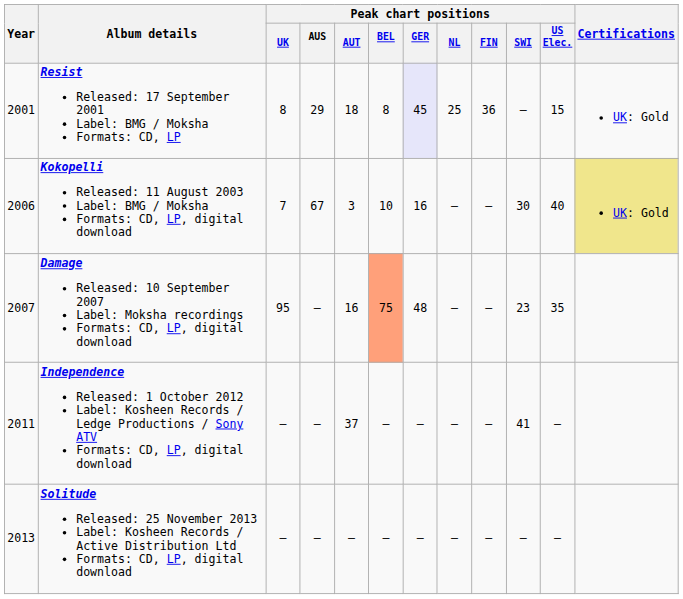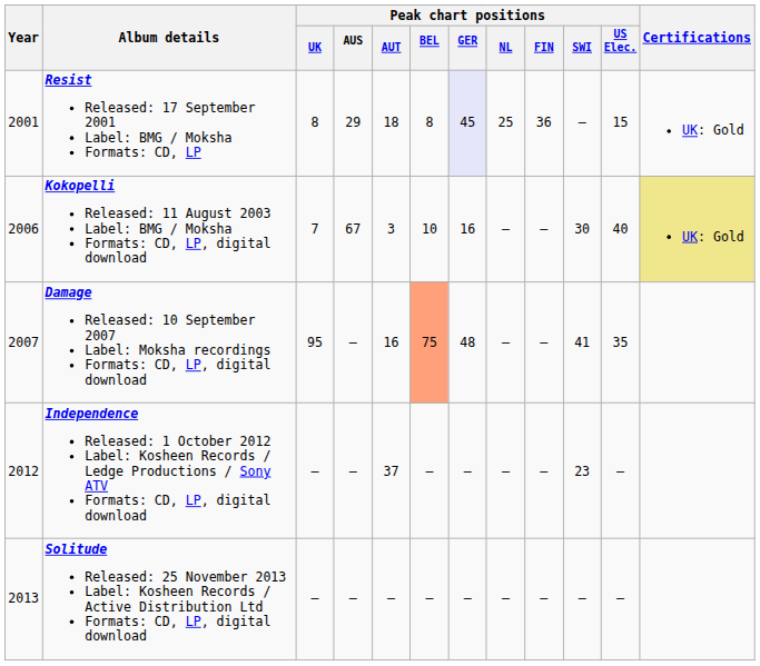 <table class="wikitable" style="text-align:center;">
 <tr>
 <th rowspan="2">Year</th>
 <th rowspan="2" style="width:250px;">Album details</th>
 <th colspan="9">Peak chart positions</th>
 <th rowspan="2"><a href='#'>Certifications</a></th>
 </tr>
 <tr>
 <th style="width:3em;font-size:85%;"><a href='#'>UK</a><br></th>
 <th style="width:3em;font-size:85%;">AUS<br><br></th>
 <th style="width:3em;font-size:85%"><a href='#'>AUT</a><br></th>
 <th style="width:3em;font-size:85%;"><a href='#'>BEL</a><br><br></th>
 <th style="width:3em;font-size:85%;"><a href='#'>GER</a><br><br></th>
 <th style="width:3em;font-size:85%"><a href='#'>NL</a><br></th>
 <th style="width:3em;font-size:85%"><a href='#'>FIN</a><br></th>
 <th style="width:3em;font-size:85%"><a href='#'>SWI</a><br></th>
 <th style="width:3em;font-size:85%;"><a href='#'>US Elec.</a><br><br></th>
 </tr>
 <tr>
 <td style="text-align:center;">2001</td>
 <td align="left"><strong><em><a href='#'>Resist</a></em></strong><br><ul><li>Released: 17 September 2001</li><li>Label: BMG / Moksha</li><li>Formats: CD, <a href='#'>LP</a></li></ul></td>
 <td style="text-align:center;">8</td>
 <td style="text-align:center;">29</td>
 <td style="text-align:center;">18</td>
 <td style="text-align:center;">8</td>
 <td style="background: lavender; text-align:center;">45</td>
 <td style="text-align:center;">25</td>
 <td style="text-align:center;">36</td>
 <td style="text-align:center;">—</td>
 <td style="text-align:center;">15</td>
 <td align="left"><br><ul><li><a href='#'>UK</a>: Gold</li></ul></td>
 </tr>
 <tr>
 <td style="text-align:center;">2006</td>
 <td align="left"><strong><em><a href='#'>Kokopelli</a></em></strong><br><ul><li>Released: 11 August 2003</li><li>Label: BMG / Moksha</li><li>Formats: CD, <a href='#'>LP</a>, digital download</li></ul></td>
 <td style="text-align:center;">7</td>
 <td style="text-align:center;">67</td>
 <td style="text-align:center;">3</td>
 <td style="text-align:center;">10</td>
 <td style="text-align:center;">16</td>
 <td style="text-align:center;">—</td>
 <td style="text-align:center;">—</td>
 <td style="text-align:center;">30</td>
 <td style="text-align:center;">40</td>
 <td align="left" style="background: khaki;"><br><ul><li><a href='#'>UK</a>: Gold</li></ul></td>
 </tr>
 <tr>
 <td style="text-align:center;">2007</td>
 <td align="left"><strong><em><a href='#'>Damage</a></em></strong><br><ul><li>Released: 10 September 2007</li><li>Label: Moksha recordings</li><li>Formats: CD, <a href='#'>LP</a>, digital download</li></ul></td>
 <td style="text-align:center;">95</td>
 <td style="text-align:center;">—</td>
 <td style="text-align:center;">16</td>
 <td style="background: lightsalmon; text-align:center;">75</td>
 <td style="text-align:center;">48</td>
 <td style="text-align:center;">—</td>
 <td style="text-align:center;">—</td>
-<td style="text-align:center;">23</td>
+<td style="text-align:center;">41</td>
 <td style="text-align:center;">35</td>
 <td></td>
 </tr>
 <tr>
-<td style="text-align:center;">2011</td>
+<td style="text-align:center;">2012</td>
 <td align="left"><strong><em><a href='#'>Independence</a></em></strong><br><ul><li>Released: 1 October 2012</li><li>Label: Kosheen Records / Ledge Productions / <a href='#'>Sony ATV</a></li><li>Formats: CD, <a href='#'>LP</a>, digital download</li></ul></td>
 <td style="text-align:center;">—</td>
 <td style="text-align:center;">—</td>
 <td style="text-align:center;">37</td>
 <td style="text-align:center;">—</td>
 <td style="text-align:center;">—</td>
 <td style="text-align:center;">—</td>
 <td style="text-align:center;">—</td>
-<td style="text-align:center;">41</td>
+<td style="text-align:center;">23</td>
 <td style="text-align:center;">—</td>
 <td></td>
 </tr>
 <tr>
 <td style="text-align:center;">2013</td>
 <td align="left"><strong><em><a href='#'>Solitude</a></em></strong><br><ul><li>Released: 25 November 2013</li><li>Label: Kosheen Records / Active Distribution Ltd</li><li>Formats: CD, <a href='#'>LP</a>, digital download</li></ul></td>
 <td style="text-align:center;">—</td>
 <td style="text-align:center;">—</td>
 <td style="text-align:center;">—</td>
 <td style="text-align:center;">—</td>
 <td style="text-align:center;">—</td>
 <td style="text-align:center;">—</td>
 <td style="text-align:center;">—</td>
 <td style="text-align:center;">—</td>
 <td style="text-align:center;">—</td>
 <td></td>
 </tr>
 </table>
